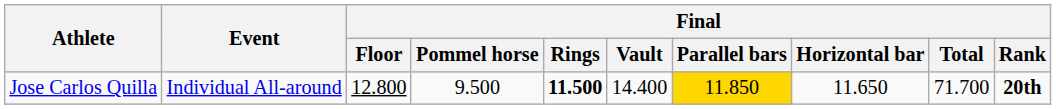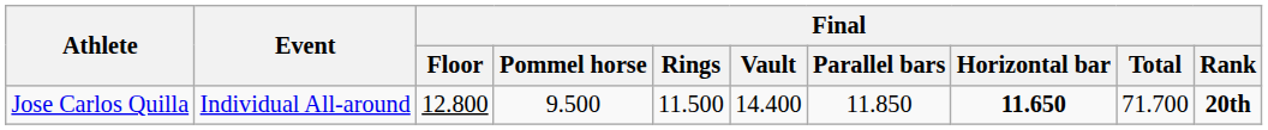 <table class="wikitable" style="font-size:90%">
 <tr>
 <th rowspan="2">Athlete</th>
 <th rowspan="2">Event</th>
 <th colspan = "8">Final</th>
 </tr>
 <tr>
 <th>Floor</th>
 <th>Pommel horse</th>
 <th>Rings</th>
 <th>Vault</th>
 <th>Parallel bars</th>
 <th>Horizontal bar</th>
 <th>Total</th>
 <th>Rank</th>
 </tr>
 <tr>
 <td><a href='#'>Jose Carlos Quilla</a></td>
 <td><a href='#'>Individual All-around</a></td>
 <td align=center><u>12.800</u></td>
 <td align=center>9.500</td>
-<td align=center><strong>11.500</strong></td>
+<td align=center>11.500</td>
 <td align=center>14.400</td>
-<td align=center style="background: gold;">11.850</td>
-<td align=center>11.650</td>
+<td align=center>11.850</td>
+<td align=center><strong>11.650</strong></td>
 <td align=center>71.700</td>
 <td align=center><strong>20th</strong></td>
 </tr>
 </table>
